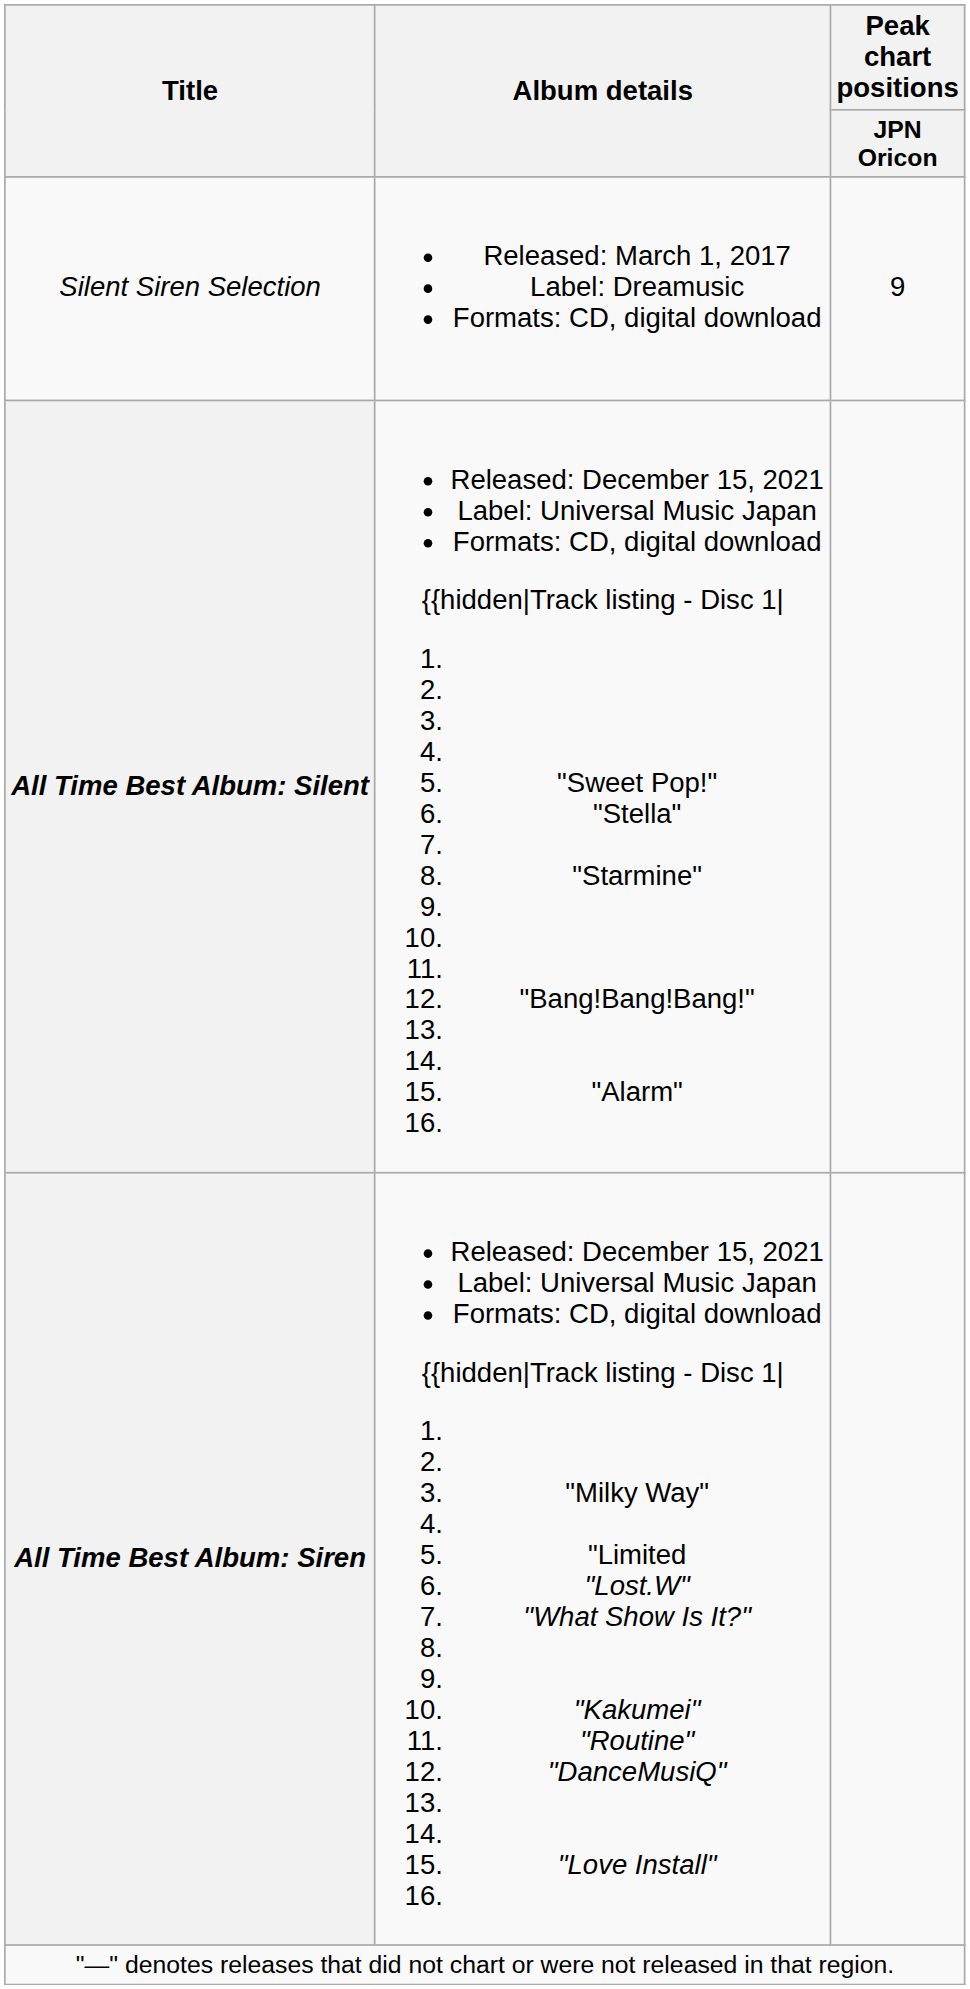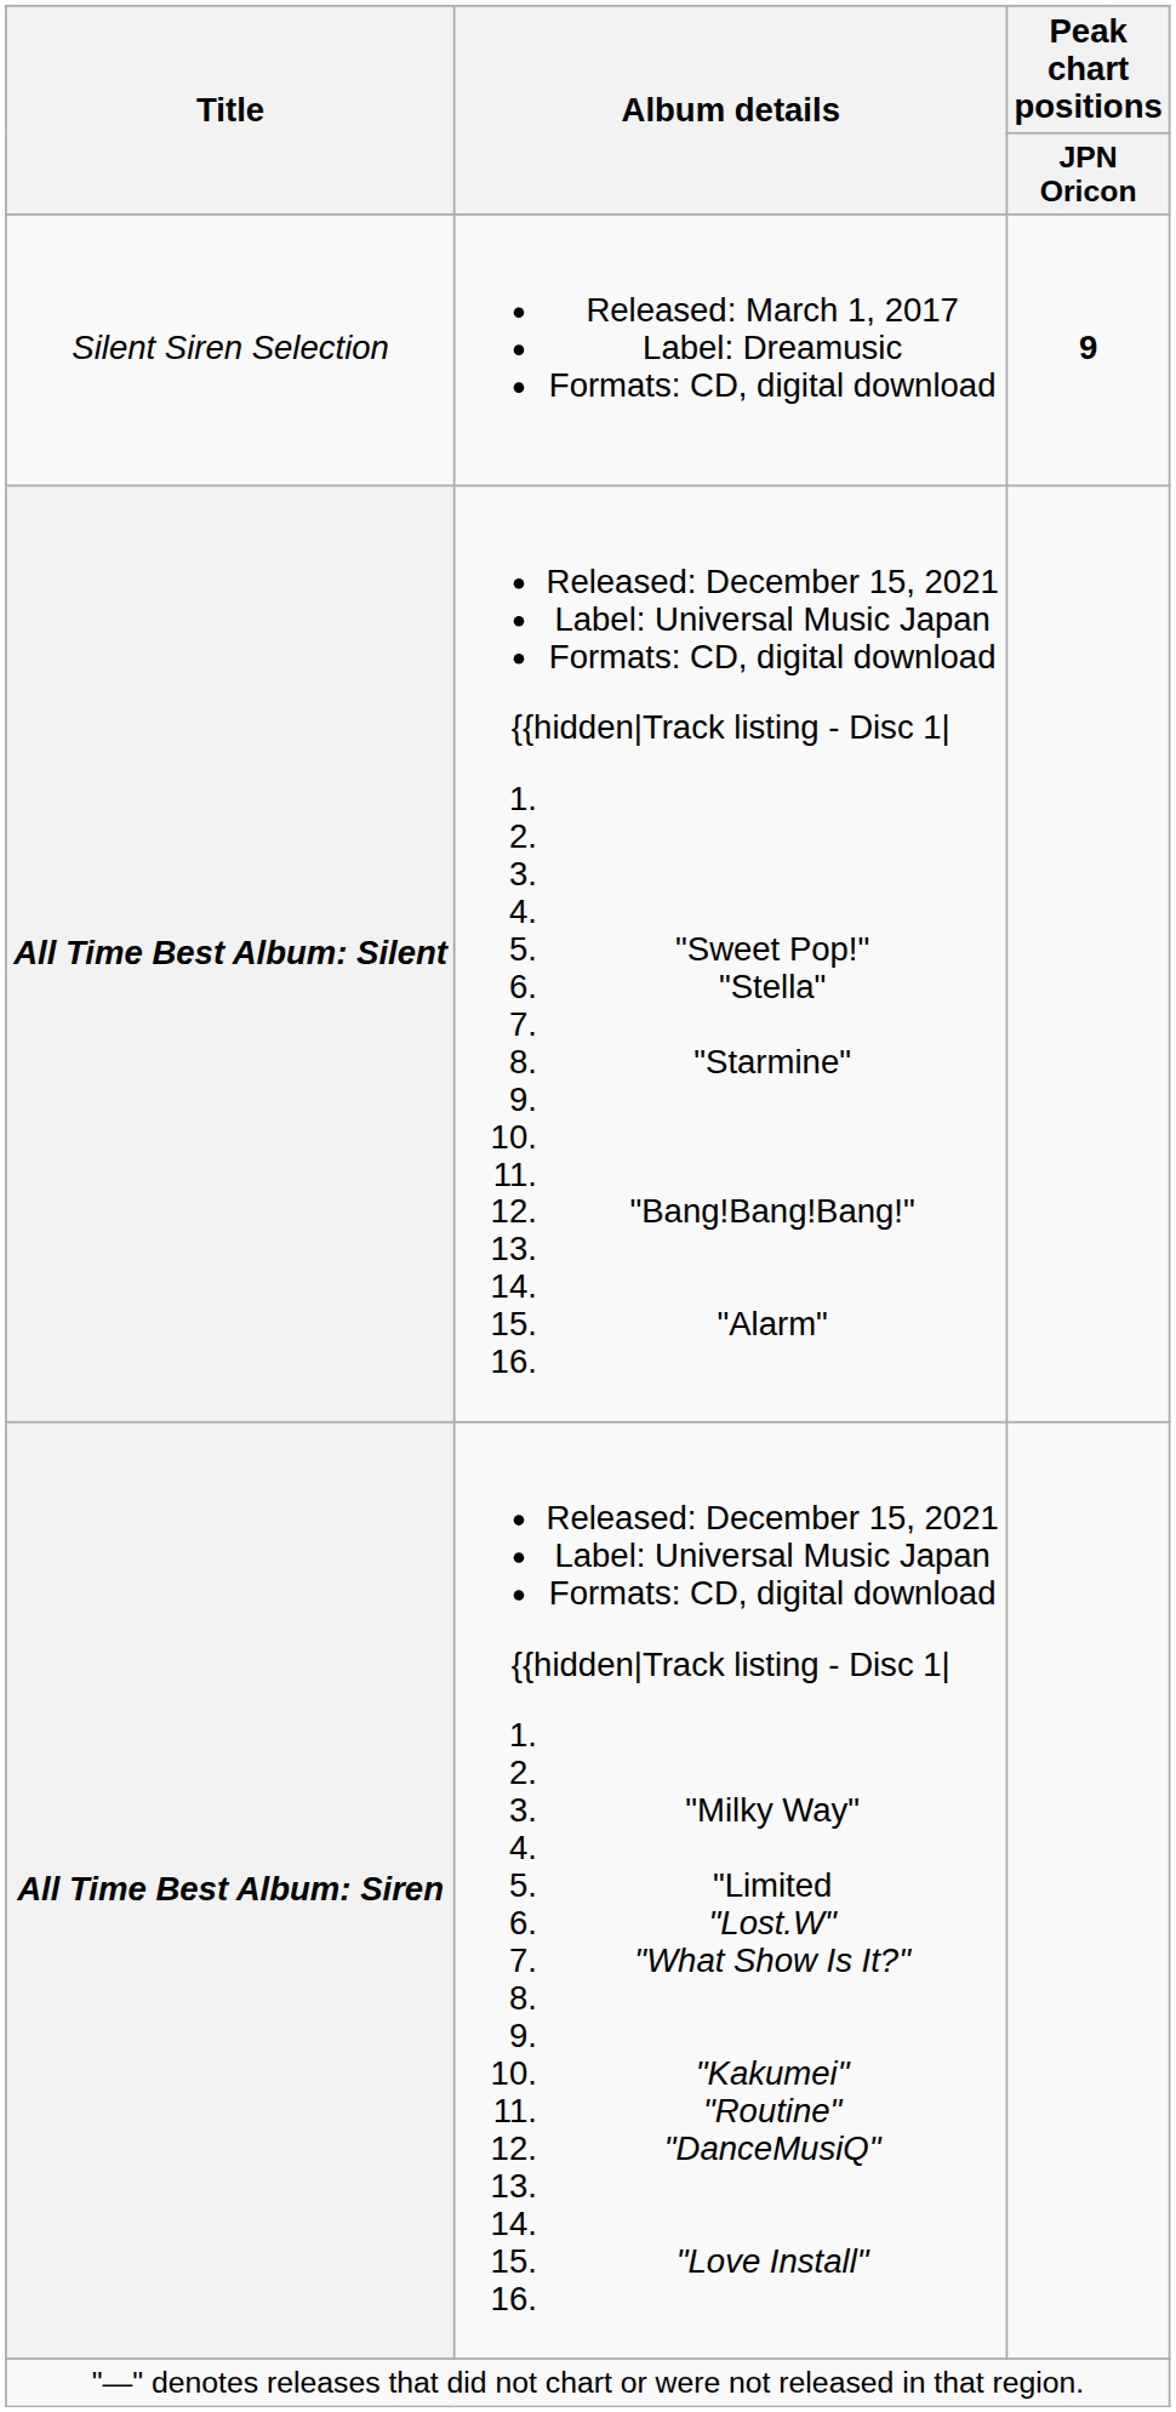 <table class="wikitable plainrowheaders" style="text-align:center;">
 <tr>
 <th scope="col" rowspan="2">Title</th>
 <th scope="col" rowspan="2">Album details</th>
 <th scope="col">Peak chart positions</th>
 </tr>
 <tr>
 <th scope="col" style="width:3em;font-size:90%;">JPN<br>Oricon<br></th>
 </tr>
 <tr>
 <td scope="row"><em>Silent Siren Selection</em></td>
 <td><br><ul><li>Released: March 1, 2017</li><li>Label: Dreamusic</li><li>Formats: CD, digital download</li></ul><br></td>
-<td>9</td>
+<td><strong>9</strong></td>
 </tr>
 <tr>
 <th scope="row"><em>All Time Best Album: Silent</em></th>
 <td><br><ul><li>Released: December 15, 2021</li><li>Label: Universal Music Japan</li><li>Formats: CD, digital download</li></ul>{{hidden|Track listing - Disc 1|<ol><li></li><li></li><li></li><li></li><li>"Sweet Pop!"</li><li>"Stella"</li><li></li><li>"Starmine"</li><li></li><li></li><li></li><li>"Bang!Bang!Bang!"</li><li></li><li></li><li>"Alarm"</li><li></li></ol></td>
 <td></td>
 </tr>
 <tr>
 <th scope="row"><em>All Time Best Album: Siren</em></th>
 <td><br><ul><li>Released: December 15, 2021</li><li>Label: Universal Music Japan</li><li>Formats: CD, digital download</li></ul>{{hidden|Track listing - Disc 1|<ol><li></li><li></li><li>"Milky Way"</li><li></li><li>"Limited<em></li><li>"Lost.W"</li><li>"What Show Is It?"</li><li></li><li></li><li>"Kakumei"</li><li>"Routine"</li><li>"DanceMusiQ"</li><li></li><li></li><li>"Love Install"</li><li></li></ol></td>
 <td></td>
 </tr>
 <tr>
 <td colspan="4" style="font-size:90%;">"—" denotes releases that did not chart or were not released in that region.</td>
 </tr>
 </table>
